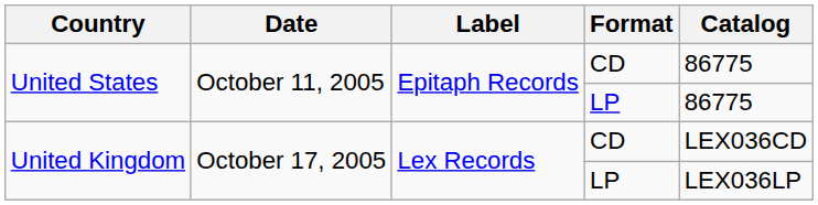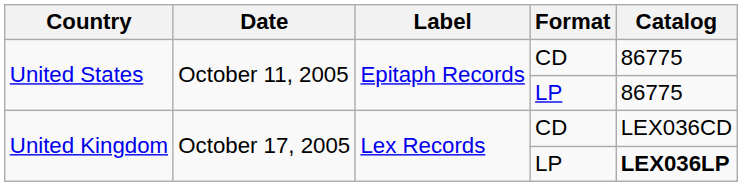 <table class="wikitable">
 <tr>
 <th>Country</th>
 <th>Date</th>
 <th>Label</th>
 <th>Format</th>
 <th>Catalog</th>
 </tr>
 <tr>
 <td rowspan="2"><a href='#'>United States</a></td>
 <td rowspan="2">October 11, 2005</td>
 <td rowspan="2"><a href='#'>Epitaph Records</a></td>
 <td>CD</td>
 <td>86775</td>
 </tr>
 <tr>
 <td><a href='#'>LP</a></td>
 <td>86775</td>
 </tr>
 <tr>
 <td rowspan="2"><a href='#'>United Kingdom</a></td>
 <td rowspan="2">October 17, 2005</td>
 <td rowspan="2"><a href='#'>Lex Records</a></td>
 <td>CD</td>
 <td>LEX036CD</td>
 </tr>
 <tr>
 <td>LP</td>
-<td>LEX036LP</td>
+<td><strong>LEX036LP</strong></td>
 </tr>
 </table>
